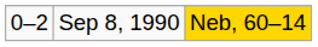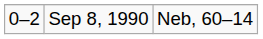 <table class="wikitable">
 <tr align="center">
 </tr>
 <tr align="center">
 <td>0–2</td>
 <td>Sep 8, 1990</td>
-<td style="background: gold;">Neb, 60–14</td>
+<td>Neb, 60–14</td>
 </tr>
 </table>
